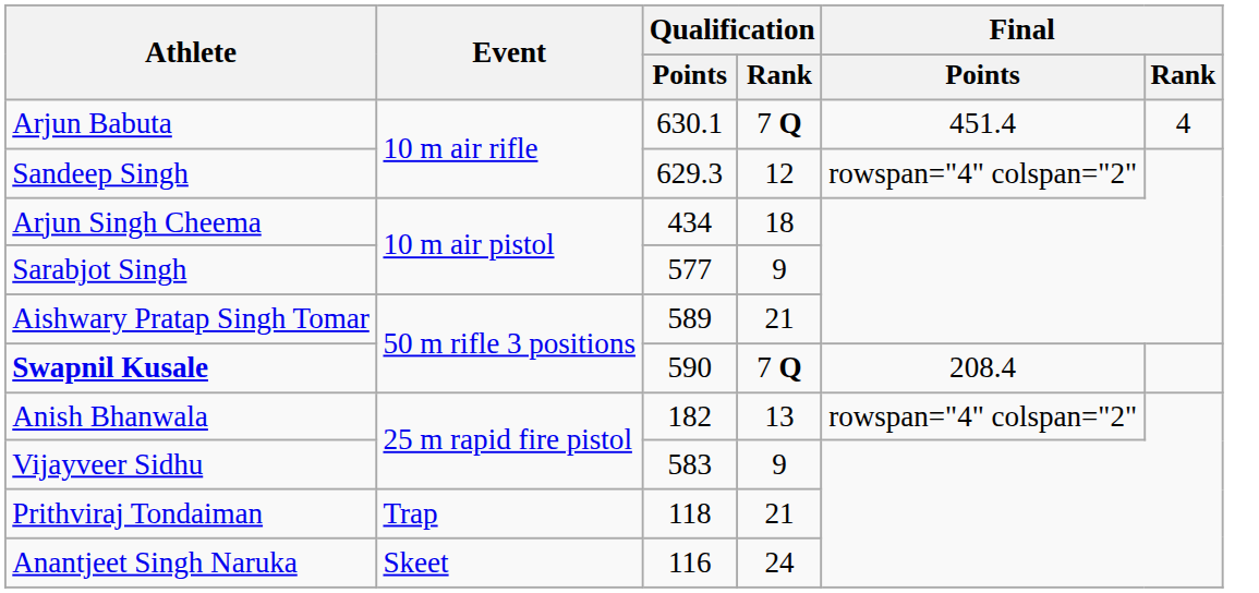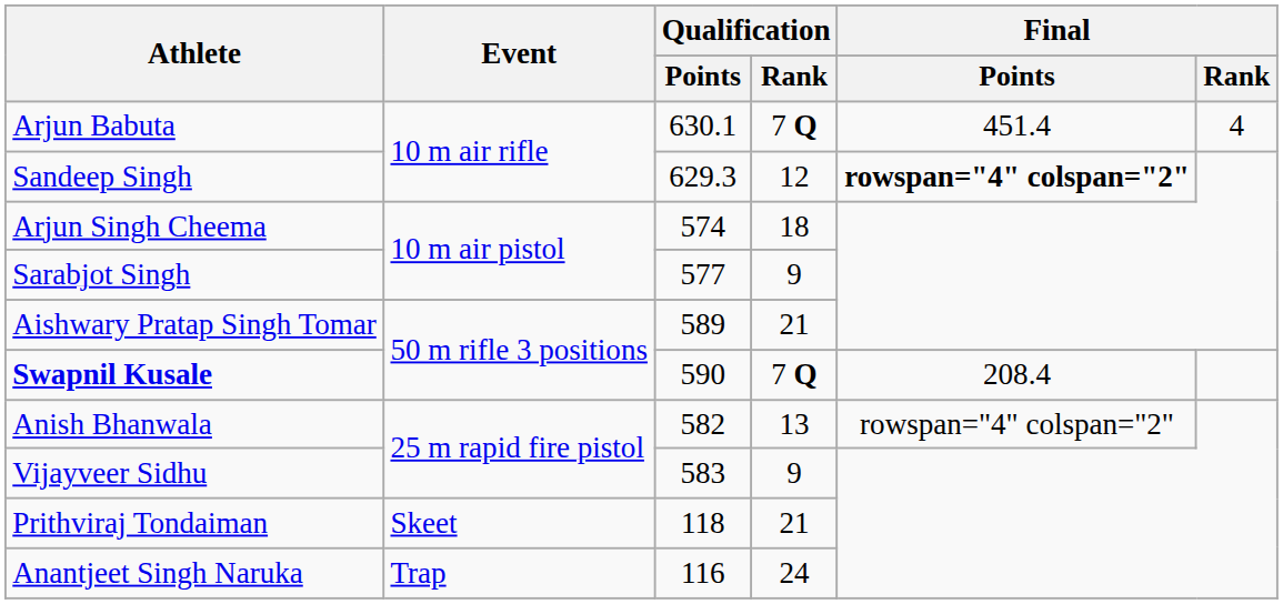 <table class="wikitable" style="font-size:90%">
 <tr>
 <th rowspan="2">Athlete</th>
 <th rowspan="2">Event</th>
 <th colspan=2>Qualification</th>
 <th colspan=2>Final</th>
 </tr>
 <tr style="font-size:95%">
 <th>Points</th>
 <th>Rank</th>
 <th>Points</th>
 <th>Rank</th>
 </tr>
 <tr align=center>
 <td align=left><a href='#'>Arjun Babuta</a></td>
 <td align=left rowspan=2><a href='#'>10 m air rifle</a></td>
 <td>630.1</td>
 <td>7 <strong>Q</strong></td>
 <td>451.4</td>
 <td>4</td>
 </tr>
 <tr align=center>
 <td align=left><a href='#'>Sandeep Singh</a></td>
 <td>629.3</td>
 <td>12</td>
-<td>rowspan="4" colspan="2"</td>
+<td><strong>rowspan="4" colspan="2"</strong></td>
 </tr>
 <tr align=center>
 <td align=left><a href='#'>Arjun Singh Cheema</a></td>
 <td align=left rowspan=2><a href='#'>10 m air pistol</a></td>
-<td>434</td>
+<td>574</td>
 <td>18</td>
 </tr>
 <tr align=center>
 <td align=left><a href='#'>Sarabjot Singh</a></td>
 <td>577</td>
 <td>9</td>
 </tr>
 <tr align=center>
 <td align=left><a href='#'>Aishwary Pratap Singh Tomar</a></td>
 <td align=left rowspan=2><a href='#'>50 m rifle 3 positions</a></td>
 <td>589</td>
 <td>21</td>
 </tr>
 <tr align=center>
 <td align=left><strong><a href='#'>Swapnil Kusale</a></strong></td>
 <td>590</td>
 <td>7 <strong>Q</strong></td>
 <td>208.4</td>
 <td></td>
 </tr>
 <tr align=center>
 <td align=left><a href='#'>Anish Bhanwala</a></td>
 <td align=left rowspan=2><a href='#'>25 m rapid fire pistol</a></td>
-<td>182</td>
+<td>582</td>
 <td>13</td>
 <td>rowspan="4" colspan="2"</td>
 </tr>
 <tr align=center>
 <td align=left><a href='#'>Vijayveer Sidhu</a></td>
 <td>583</td>
 <td>9</td>
 </tr>
 <tr align=center>
 <td align=left><a href='#'>Prithviraj Tondaiman</a></td>
-<td align=left><a href='#'>Trap</a></td>
+<td align=left><a href='#'>Skeet</a></td>
 <td>118</td>
 <td>21</td>
 </tr>
 <tr align=center>
 <td align=left><a href='#'>Anantjeet Singh Naruka</a></td>
-<td align=left><a href='#'>Skeet</a></td>
+<td align=left><a href='#'>Trap</a></td>
 <td>116</td>
 <td>24</td>
 </tr>
 </table>
